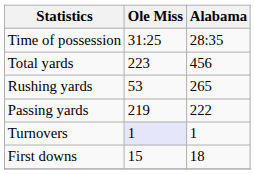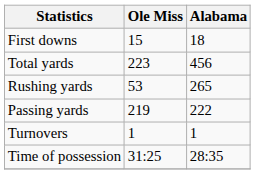 <table class="wikitable" style="float: left;">
 <tr>
 <th>Statistics</th>
 <th>Ole Miss</th>
 <th>Alabama</th>
 </tr>
 <tr>
-<td>Time of possession</td>
-<td>31:25</td>
-<td>28:35</td>
+<td>First downs</td>
+<td>15</td>
+<td>18</td>
 </tr>
 <tr>
 <td>Total yards</td>
 <td>223</td>
 <td>456</td>
 </tr>
 <tr>
 <td>Rushing yards</td>
 <td>53</td>
 <td>265</td>
 </tr>
 <tr>
 <td>Passing yards</td>
 <td>219</td>
 <td>222</td>
 </tr>
 <tr>
 <td>Turnovers</td>
-<td style="background: lavender;">1</td>
+<td>1</td>
 <td>1</td>
 </tr>
 <tr>
-<td>First downs</td>
-<td>15</td>
-<td>18</td>
+<td>Time of possession</td>
+<td>31:25</td>
+<td>28:35</td>
 </tr>
 <tr>
 </tr>
 </table>
